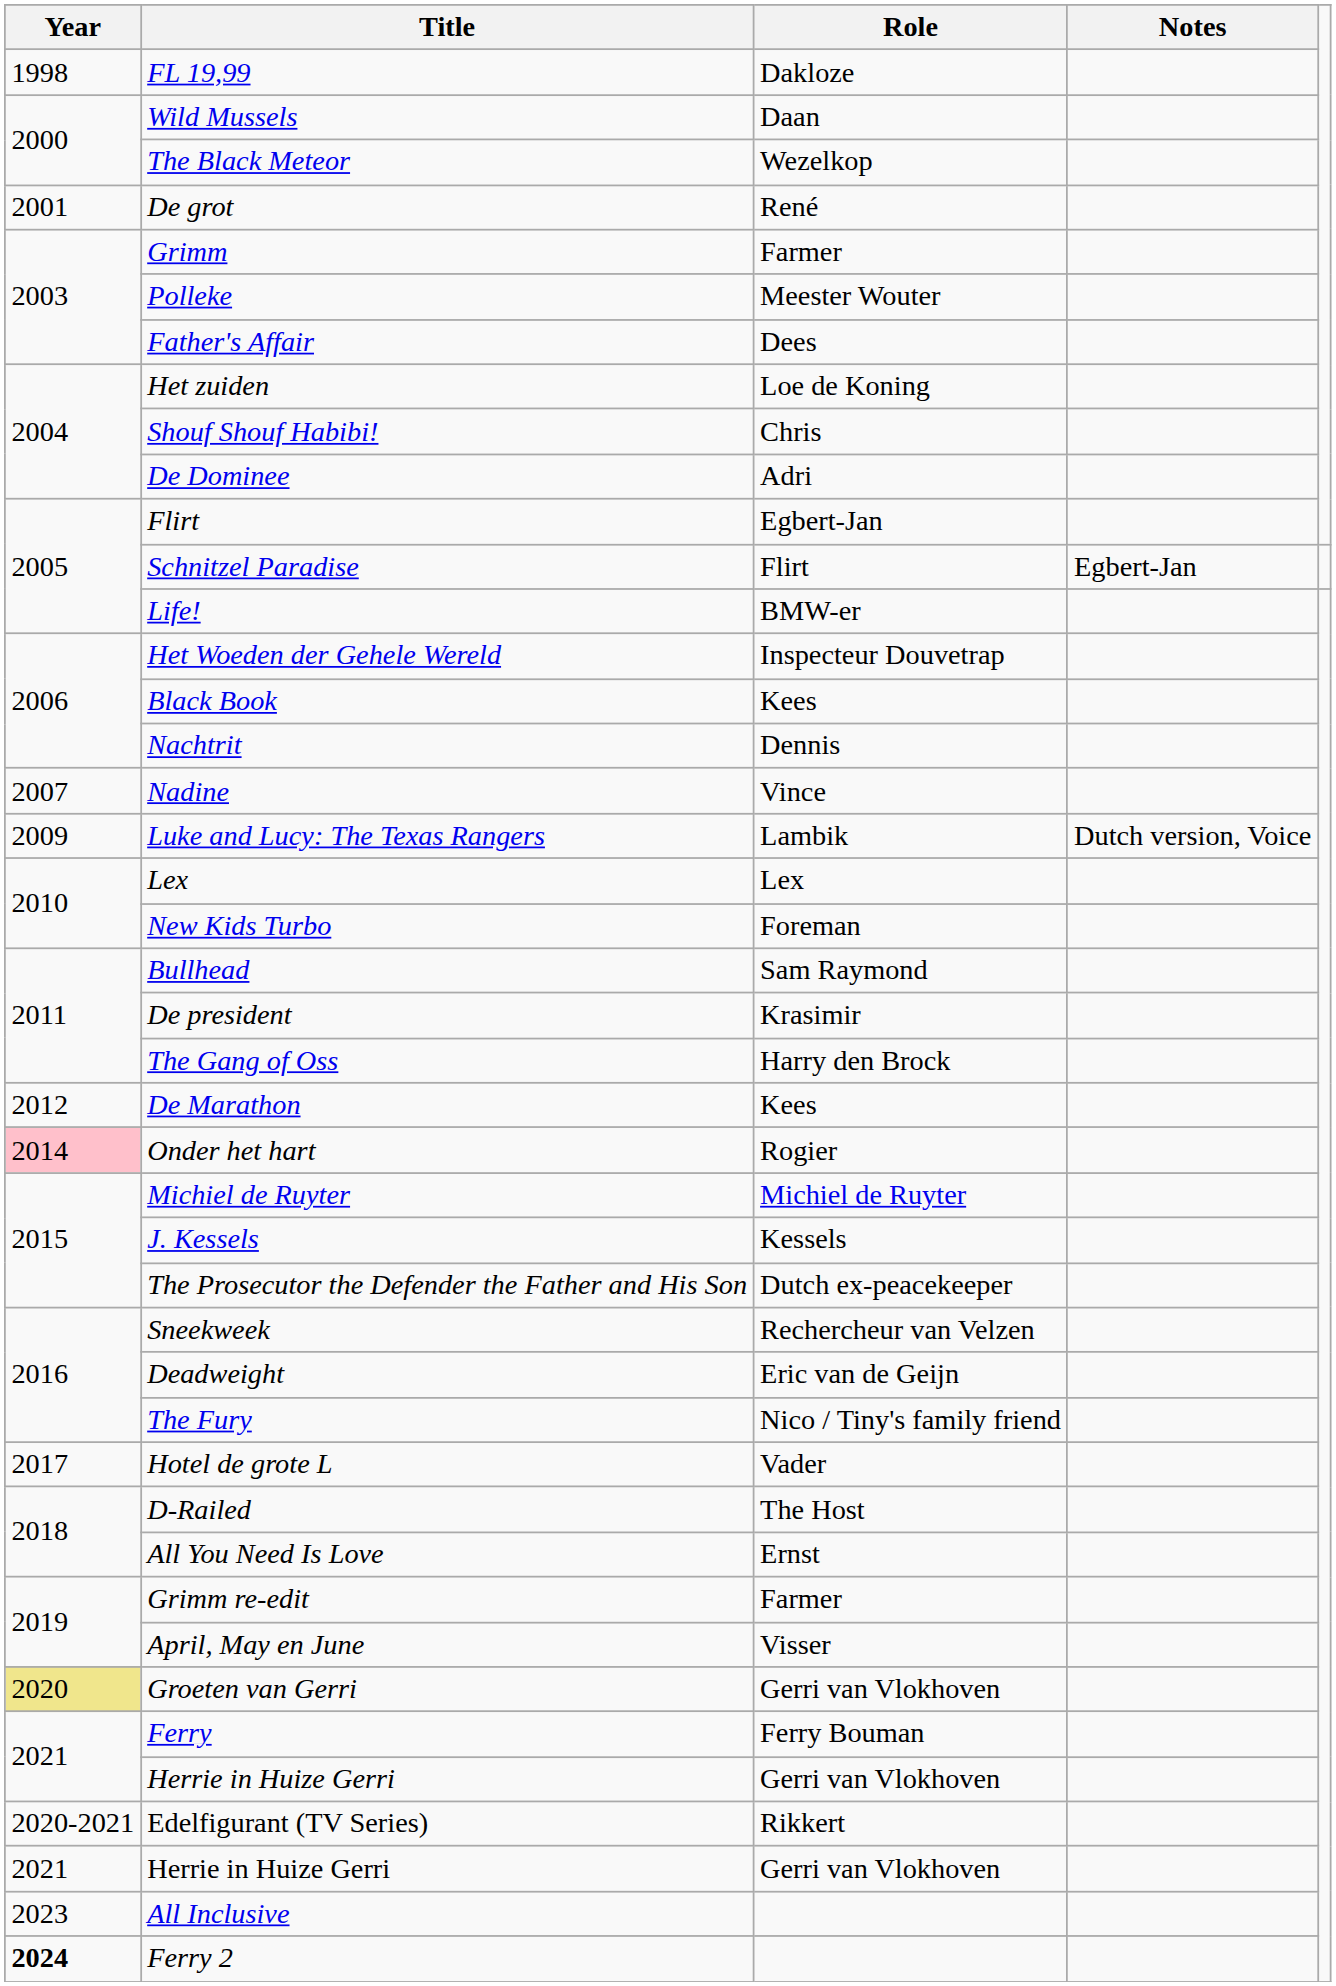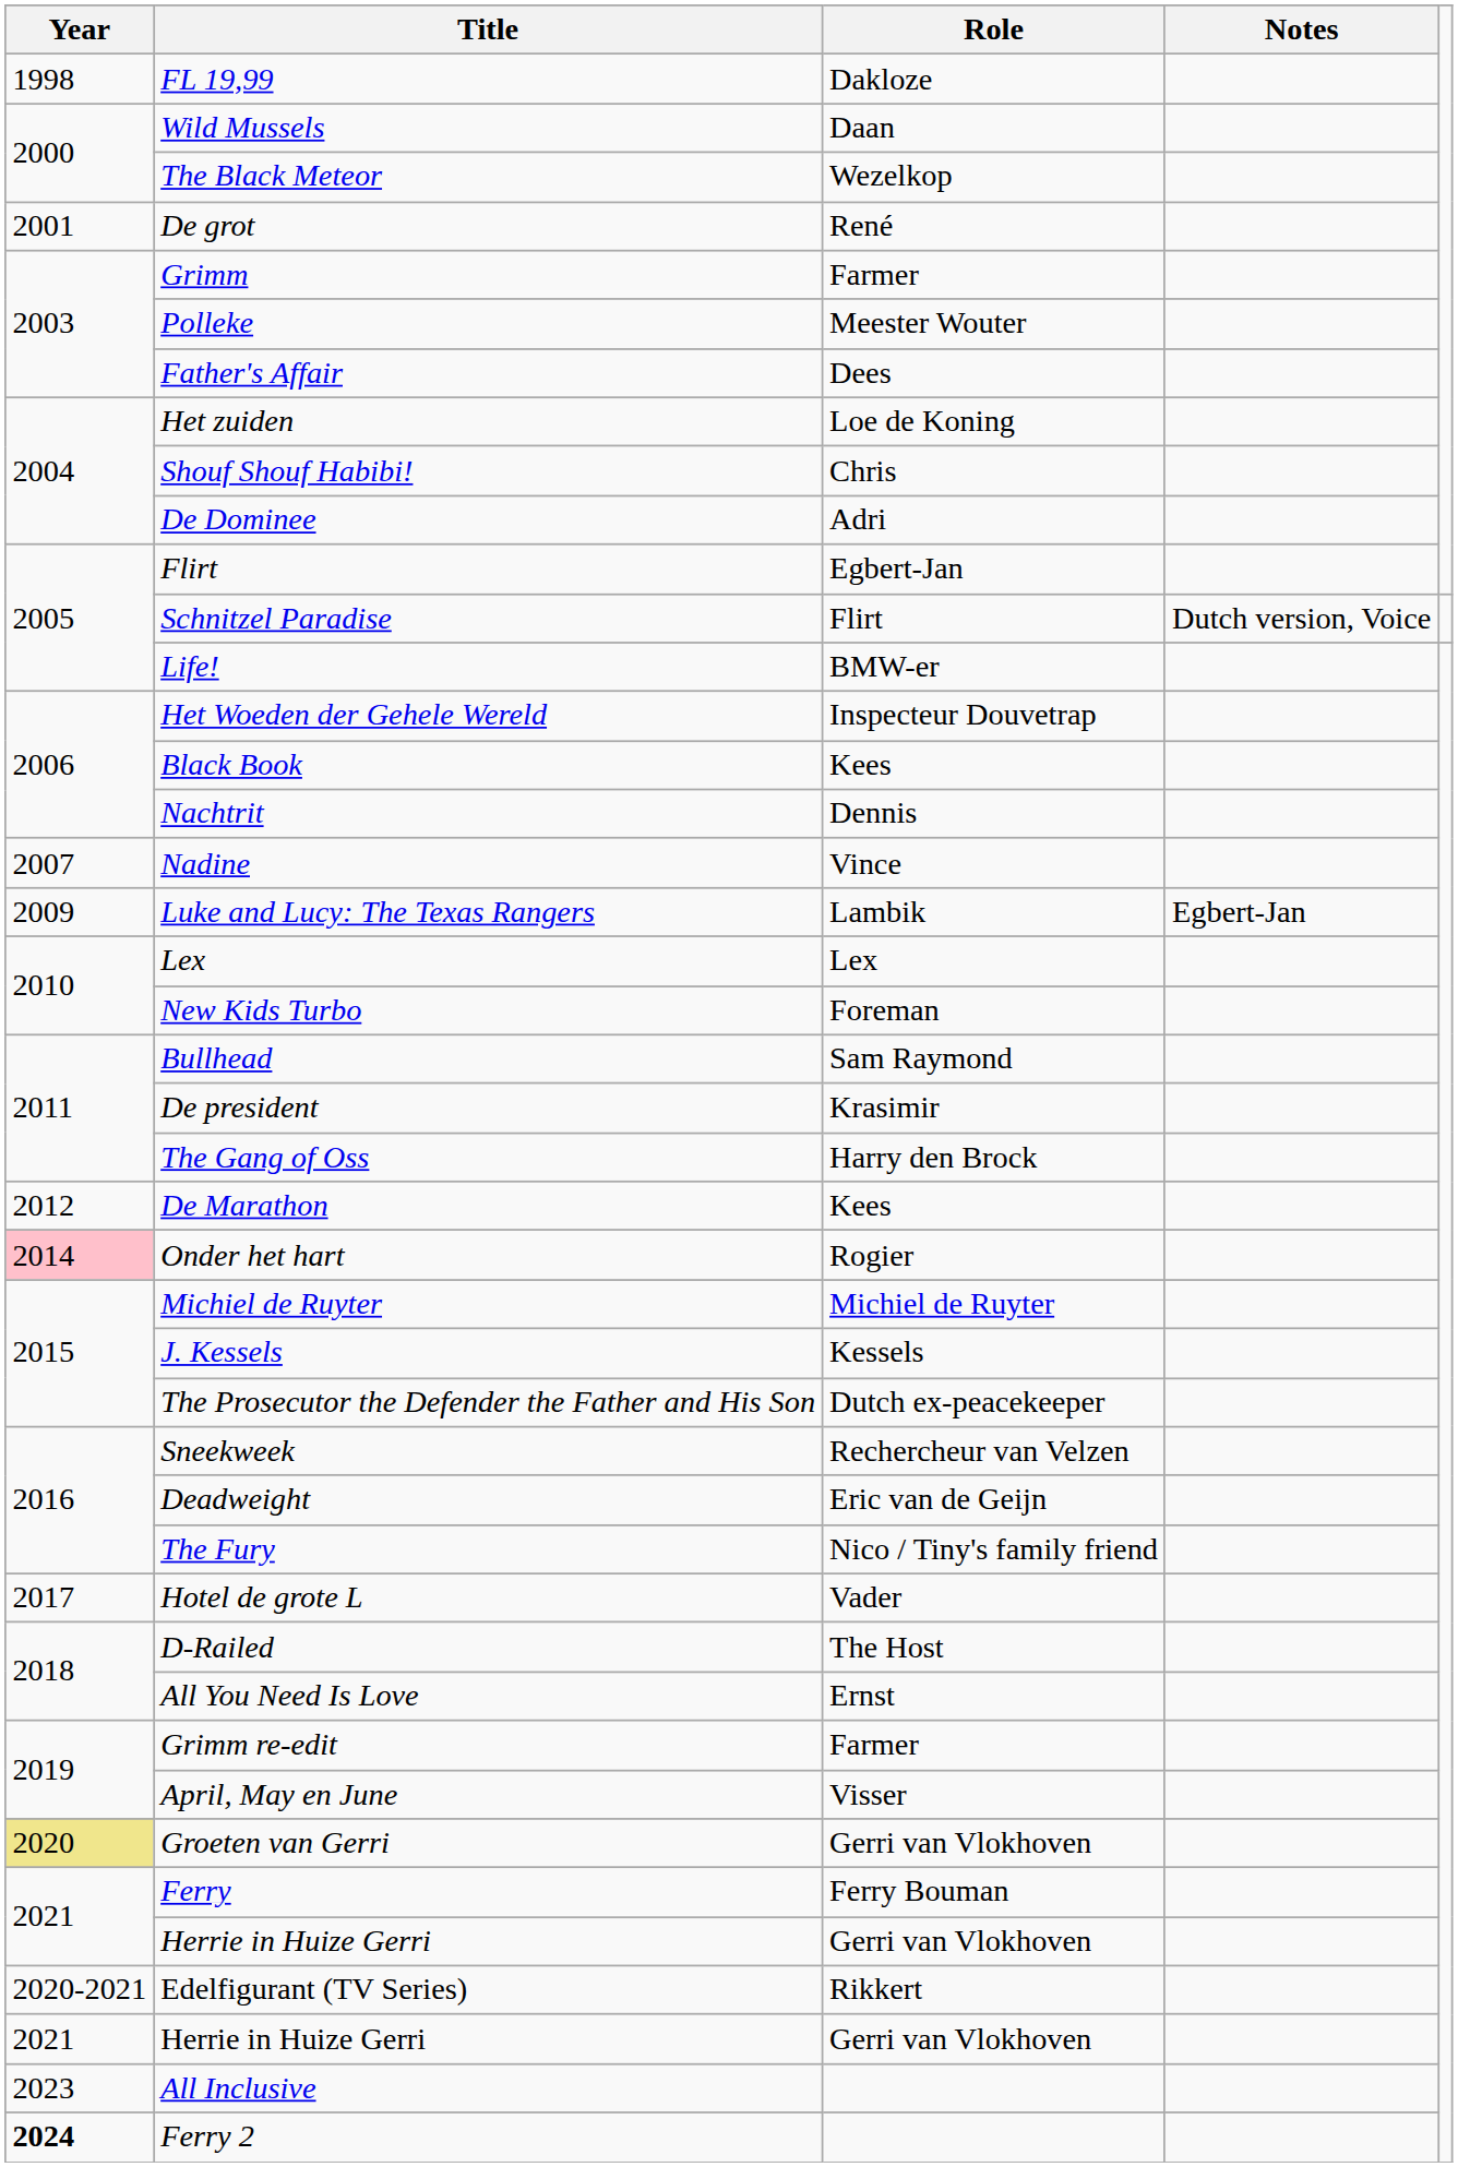 <table class="wikitable sortable">
 <tr>
 <th>Year</th>
 <th>Title</th>
 <th>Role</th>
 <th class="unsortable">Notes</th>
 </tr>
 <tr>
 <td>1998</td>
 <td><em><a href='#'>FL 19,99</a></em></td>
 <td>Dakloze</td>
 <td></td>
 </tr>
 <tr>
 <td rowspan=2>2000</td>
 <td><em><a href='#'>Wild Mussels</a></em></td>
 <td>Daan</td>
 <td></td>
 </tr>
 <tr>
 <td><em><a href='#'>The Black Meteor</a></em></td>
 <td>Wezelkop</td>
 <td></td>
 </tr>
 <tr>
 <td>2001</td>
 <td><em>De grot</em></td>
 <td>René</td>
 <td></td>
 </tr>
 <tr>
 <td rowspan=3>2003</td>
 <td><em><a href='#'>Grimm</a></em></td>
 <td>Farmer</td>
 <td></td>
 </tr>
 <tr>
 <td><em><a href='#'>Polleke</a></em></td>
 <td>Meester Wouter</td>
 <td></td>
 </tr>
 <tr>
 <td><em><a href='#'>Father's Affair</a></em></td>
 <td>Dees</td>
 <td></td>
 </tr>
 <tr>
 <td rowspan=3>2004</td>
 <td><em>Het zuiden</em></td>
 <td>Loe de Koning</td>
 <td></td>
 </tr>
 <tr>
 <td><em><a href='#'>Shouf Shouf Habibi!</a></em></td>
 <td>Chris</td>
 <td></td>
 </tr>
 <tr>
 <td><em><a href='#'>De Dominee</a></em></td>
 <td>Adri</td>
 <td></td>
 </tr>
 <tr>
 <td rowspan=3>2005</td>
 <td><em>Flirt</em></td>
 <td>Egbert-Jan</td>
 <td></td>
 </tr>
 <tr>
 <td><em><a href='#'>Schnitzel Paradise</a></em></td>
 <td>Flirt</td>
-<td>Egbert-Jan</td>
+<td>Dutch version, Voice</td>
 <td></td>
 </tr>
 <tr>
 <td><em><a href='#'>Life!</a></em></td>
 <td>BMW-er</td>
 <td></td>
 </tr>
 <tr>
 <td rowspan=3>2006</td>
 <td><em><a href='#'>Het Woeden der Gehele Wereld</a></em></td>
 <td>Inspecteur Douvetrap</td>
 <td></td>
 </tr>
 <tr>
 <td><em><a href='#'>Black Book</a></em></td>
 <td>Kees</td>
 <td></td>
 </tr>
 <tr>
 <td><em><a href='#'>Nachtrit</a></em></td>
 <td>Dennis</td>
 <td></td>
 </tr>
 <tr>
 <td>2007</td>
 <td><em><a href='#'>Nadine</a></em></td>
 <td>Vince</td>
 <td></td>
 </tr>
 <tr>
 <td>2009</td>
 <td><em><a href='#'>Luke and Lucy: The Texas Rangers</a></em></td>
 <td>Lambik</td>
-<td>Dutch version, Voice</td>
+<td>Egbert-Jan</td>
 </tr>
 <tr>
 <td rowspan=2>2010</td>
 <td><em>Lex</em></td>
 <td>Lex</td>
 <td></td>
 </tr>
 <tr>
 <td><em><a href='#'>New Kids Turbo</a></em></td>
 <td>Foreman</td>
 <td></td>
 </tr>
 <tr>
 <td rowspan=3>2011</td>
 <td><em><a href='#'>Bullhead</a></em></td>
 <td>Sam Raymond</td>
 <td></td>
 </tr>
 <tr>
 <td><em>De president</em></td>
 <td>Krasimir</td>
 <td></td>
 </tr>
 <tr>
 <td><em><a href='#'>The Gang of Oss</a></em></td>
 <td>Harry den Brock</td>
 <td></td>
 </tr>
 <tr>
 <td>2012</td>
 <td><em><a href='#'>De Marathon</a></em></td>
 <td>Kees</td>
 <td></td>
 </tr>
 <tr>
 <td style="background: pink;">2014</td>
 <td><em>Onder het hart</em></td>
 <td>Rogier</td>
 <td></td>
 </tr>
 <tr>
 <td rowspan=3>2015</td>
 <td><em><a href='#'>Michiel de Ruyter</a></em></td>
 <td><a href='#'>Michiel de Ruyter</a></td>
 <td></td>
 </tr>
 <tr>
 <td><em><a href='#'>J. Kessels</a></em></td>
 <td>Kessels</td>
 <td></td>
 </tr>
 <tr>
 <td><em> The Prosecutor the Defender the Father and His Son</em></td>
 <td>Dutch ex-peacekeeper</td>
 <td></td>
 </tr>
 <tr>
 <td rowspan=3>2016</td>
 <td><em>Sneekweek</em></td>
 <td>Rechercheur van Velzen</td>
 <td></td>
 </tr>
 <tr>
 <td><em>Deadweight</em></td>
 <td>Eric van de Geijn</td>
 <td></td>
 </tr>
 <tr>
 <td><em><a href='#'>The Fury</a></em></td>
 <td>Nico / Tiny's family friend</td>
 <td></td>
 </tr>
 <tr>
 <td>2017</td>
 <td><em>Hotel de grote L</em></td>
 <td>Vader</td>
 <td></td>
 </tr>
 <tr>
 <td rowspan=2>2018</td>
 <td><em> D-Railed</em></td>
 <td>The Host</td>
 <td></td>
 </tr>
 <tr>
 <td><em> All You Need Is Love</em></td>
 <td>Ernst</td>
 <td></td>
 </tr>
 <tr>
 <td rowspan=2>2019</td>
 <td><em>Grimm re-edit</em></td>
 <td>Farmer</td>
 <td></td>
 </tr>
 <tr>
 <td><em>April, May en June</em></td>
 <td>Visser</td>
 <td></td>
 </tr>
 <tr>
 <td style="background: khaki;">2020</td>
 <td><em>Groeten van Gerri</em></td>
 <td>Gerri van Vlokhoven</td>
 <td></td>
 </tr>
 <tr>
 <td rowspan=2>2021</td>
 <td><em><a href='#'>Ferry</a></em></td>
 <td>Ferry Bouman</td>
 <td></td>
 </tr>
 <tr>
 <td><em>Herrie in Huize Gerri</em></td>
 <td>Gerri van Vlokhoven</td>
 <td></td>
 </tr>
 <tr>
 <td>2020-2021</td>
 <td>Edelfigurant (TV Series)</td>
 <td>Rikkert</td>
 <td></td>
 </tr>
 <tr>
 <td>2021</td>
 <td>Herrie in Huize Gerri</td>
 <td>Gerri van Vlokhoven</td>
 <td></td>
 </tr>
 <tr>
 <td>2023</td>
 <td><em><a href='#'>All Inclusive</a></em></td>
 <td></td>
 <td></td>
 </tr>
 <tr>
 <td><strong>2024</strong></td>
 <td><em>Ferry 2</em></td>
 <td></td>
 <td></td>
 </tr>
 </table>
